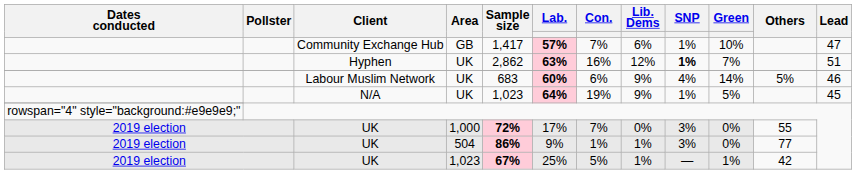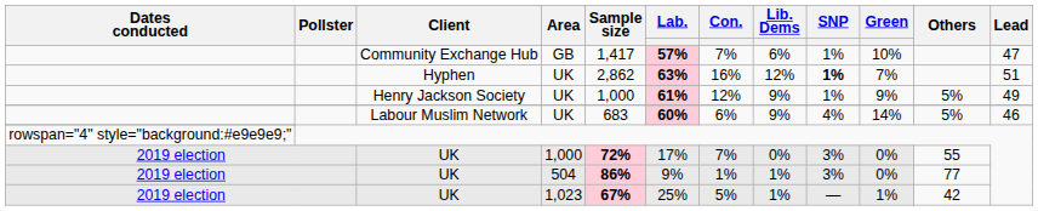 <table class="wikitable sortable mw-datatable" style="text-align:center;  line-height:14px;">
 <tr>
 <th rowspan="2">Dates<br>conducted</th>
 <th rowspan="2">Pollster</th>
 <th rowspan="2">Client</th>
 <th rowspan="2">Area</th>
 <th data-sort-type="number" rowspan="2">Sample<br>size</th>
 <th class="unsortable" style="width:50px;"><a href='#'>Lab.</a></th>
 <th class="unsortable" style="width:50px;"><a href='#'>Con.</a></th>
 <th class="unsortable" style="width:50px;"><a href='#'>Lib. Dems</a></th>
 <th class="unsortable" style="width:50px;"><a href='#'>SNP</a></th>
 <th class="unsortable" style="width:50px;"><a href='#'>Green</a></th>
 <th rowspan="2" class="unsortable" style="width:75px;">Others</th>
 <th data-sort-type="number" rowspan="2">Lead</th>
 </tr>
 <tr>
 <th data-sort-type="number" style="background:"></th>
 <th data-sort-type="number" style="background:"></th>
 <th data-sort-type="number" style="background:"></th>
 <th data-sort-type="number" style="background:"></th>
 <th data-sort-type="number" style="background:"></th>
 </tr>
 <tr>
 <td></td>
 <td></td>
 <td>Community Exchange Hub</td>
 <td>GB</td>
 <td>1,417</td>
 <td style="background:#FFCCD9;"><strong>57%</strong></td>
 <td>7%</td>
 <td>6%</td>
 <td>1%</td>
 <td>10%</td>
 <td></td>
 <td style="background:">47</td>
 </tr>
 <tr>
 <td></td>
 <td></td>
 <td>Hyphen</td>
 <td>UK</td>
 <td>2,862</td>
 <td style="background:#FFCCD9;"><strong>63%</strong></td>
 <td>16%</td>
 <td>12%</td>
 <td><strong>1%</strong></td>
 <td>7%</td>
 <td></td>
 <td style="background:">51</td>
 </tr>
 <tr>
+<td></td>
+<td></td>
+<td>Henry Jackson Society</td>
+<td>UK</td>
+<td>1,000</td>
+<td style="background:#FFCCD9;"><strong>61%</strong></td>
+<td>12%</td>
+<td>9%</td>
+<td>1%</td>
+<td>9%</td>
+<td>5%</td>
+<td style="background:">49</td>
+</tr>
+<tr>
 </tr>
 <tr>
 <td></td>
 <td></td>
 <td>Labour Muslim Network</td>
 <td>UK</td>
 <td>683</td>
 <td style="background:#FFCCD9;"><strong>60%</strong></td>
 <td>6%</td>
 <td>9%</td>
 <td>4%</td>
 <td>14%</td>
 <td>5%</td>
 <td style="background:">46</td>
-</tr>
-<tr>
-<td></td>
-<td></td>
-<td>N/A</td>
-<td>UK</td>
-<td>1,023</td>
-<td style="background:#FFCCD9;"><strong>64%</strong></td>
-<td>19%</td>
-<td>9%</td>
-<td>1%</td>
-<td>5%</td>
-<td></td>
-<td style="background:">45</td>
 </tr>
 <tr style="background:#e9e9e9;">
 </tr>
 <tr>
 <td>rowspan="4"  style="background:#e9e9e9;" </td>
 </tr>
 <tr>
 <td colspan="2" style="background:#e9e9e9;"><a href='#'>2019 election</a> </td>
 <td style="background:#E9E9E9;">UK</td>
 <td style="background:#E9E9E9;">1,000</td>
 <td style="background:#FFCCD9;"><strong>72%</strong></td>
 <td style="background:#E9E9E9;">17%</td>
 <td style="background:#E9E9E9;">7%</td>
 <td style="background:#E9E9E9;">0%</td>
 <td style="background:#E9E9E9;">3%</td>
 <td style="background:#E9E9E9;">0%</td>
 <td style="background:">55</td>
 </tr>
 <tr>
 <td colspan="2" style="background:#e9e9e9;"><a href='#'>2019 election</a> </td>
 <td style="background:#E9E9E9;">UK</td>
 <td style="background:#E9E9E9;">504</td>
 <td style="background:#FFCCD9;"><strong>86%</strong></td>
 <td style="background:#E9E9E9;">9%</td>
 <td style="background:#E9E9E9;">1%</td>
 <td style="background:#E9E9E9;">1%</td>
 <td style="background:#E9E9E9;">3%</td>
 <td style="background:#E9E9E9;">0%</td>
 <td style="background:">77</td>
 </tr>
 <tr>
 <td colspan="2" style="background:#e9e9e9;"><a href='#'>2019 election</a> </td>
 <td style="background:#E9E9E9;">UK</td>
 <td style="background:#E9E9E9;">1,023</td>
 <td style="background:#FFCCD9;"><strong>67%</strong></td>
 <td style="background:#E9E9E9;">25%</td>
 <td style="background:#E9E9E9;">5%</td>
 <td style="background:#E9E9E9;">1%</td>
 <td style="background:#E9E9E9;">—</td>
 <td style="background:#E9E9E9;">1%</td>
 <td style="background:">42</td>
 </tr>
 </table>
